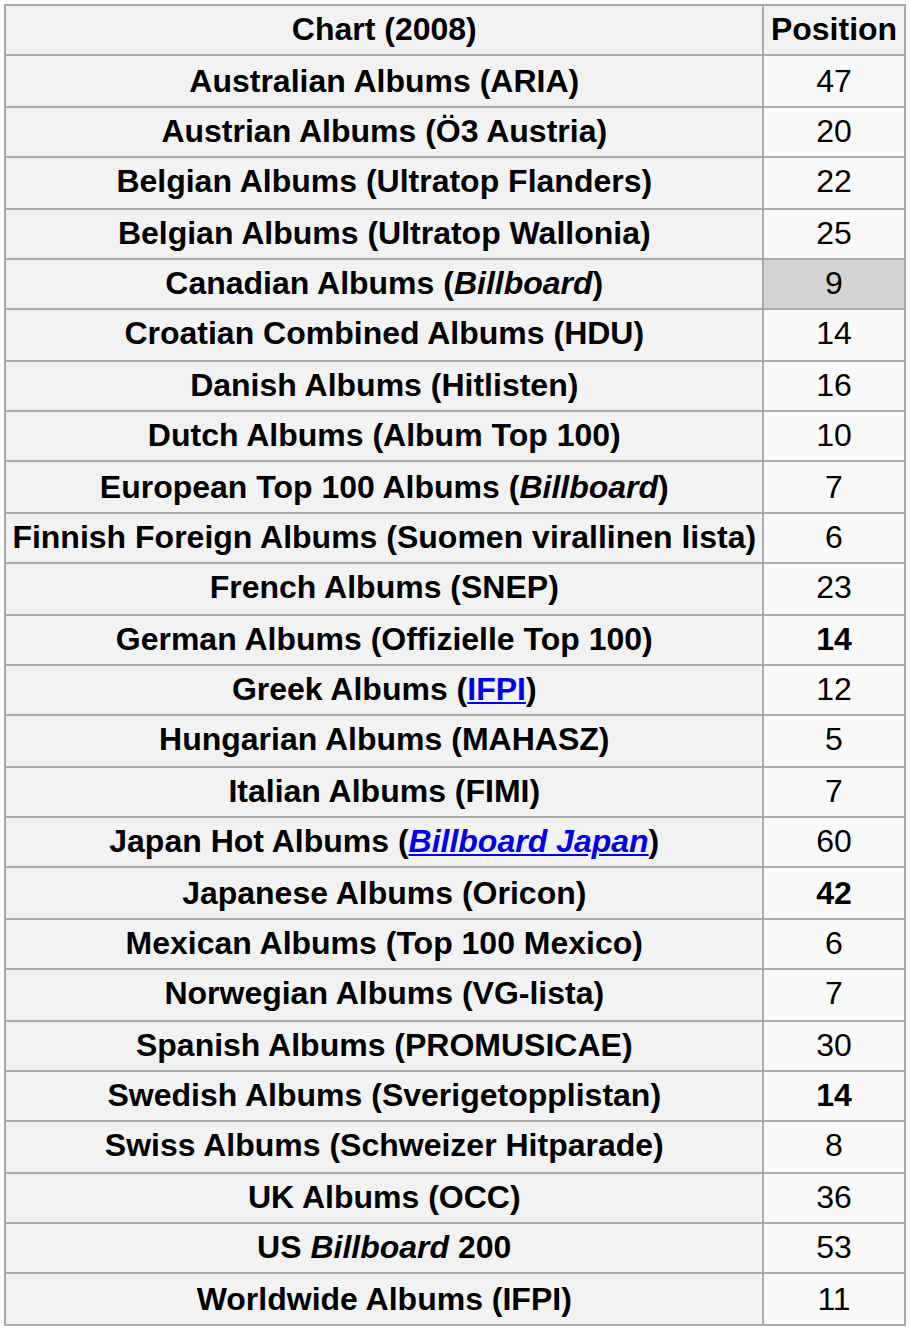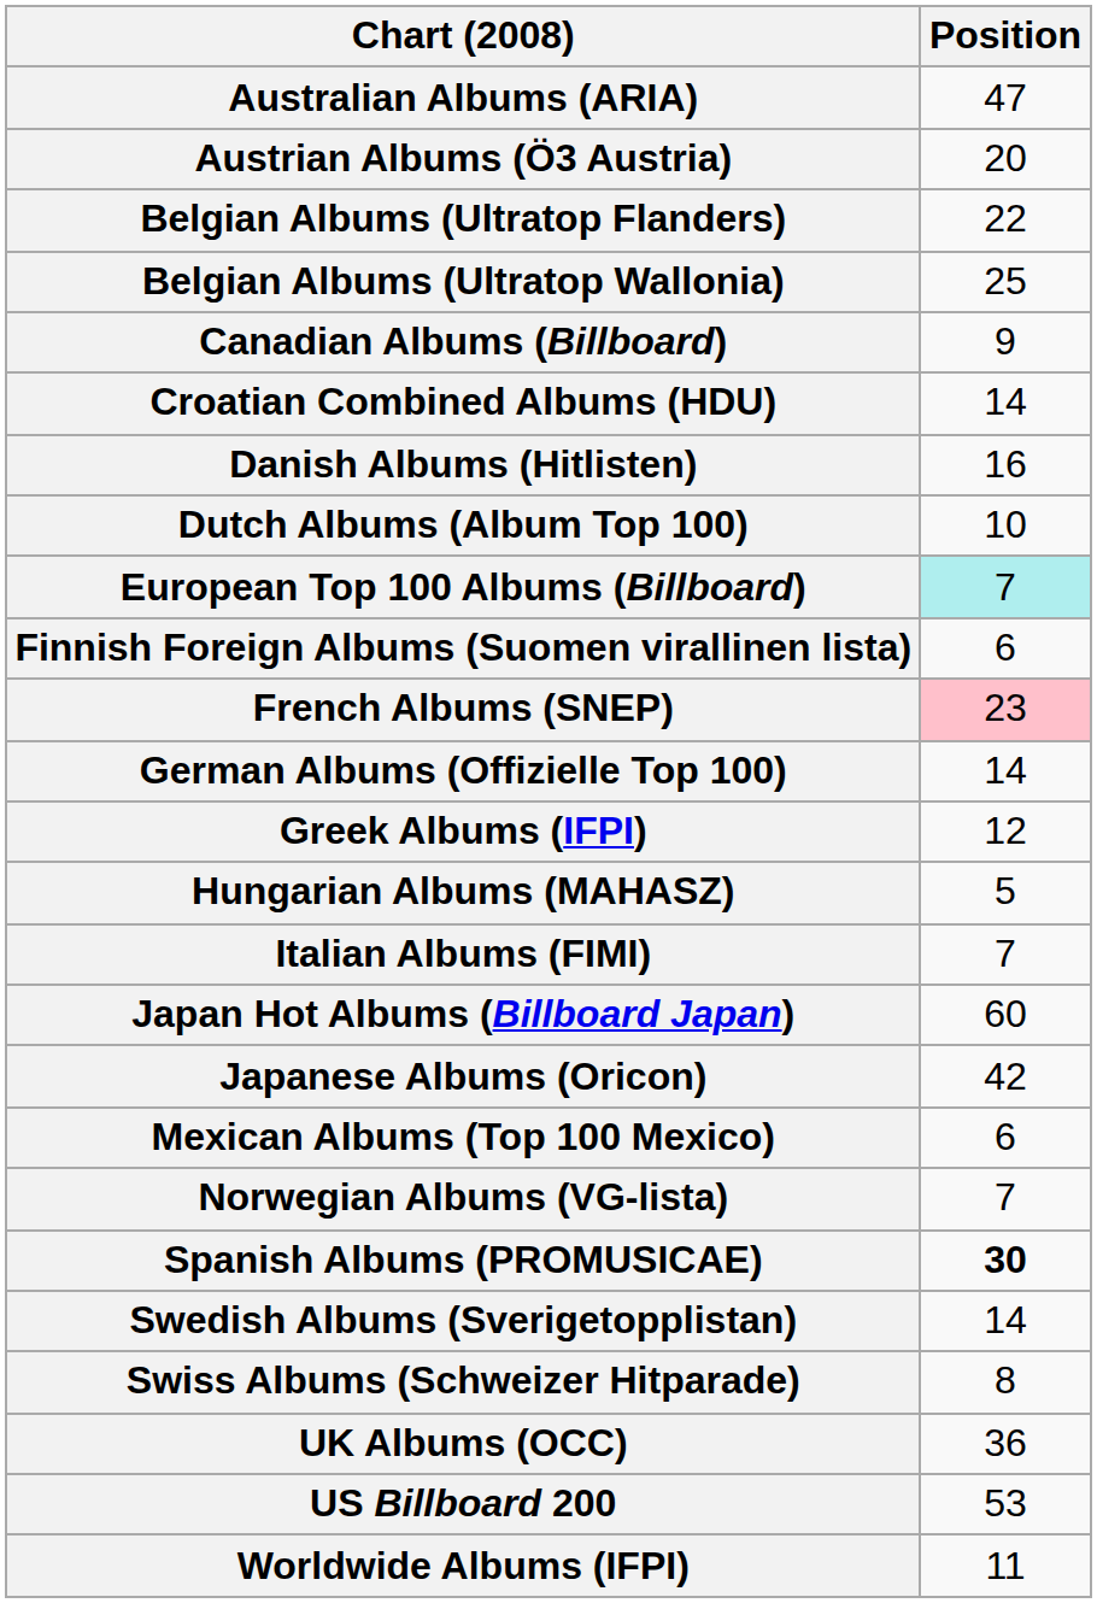 <table class="wikitable plainrowheaders" style="text-align:center;">
 <tr>
 <th scope="col">Chart (2008)</th>
 <th scope="col">Position</th>
 </tr>
 <tr>
 <th scope="row">Australian Albums (ARIA)</th>
 <td>47</td>
 </tr>
 <tr>
 <th scope="row">Austrian Albums (Ö3 Austria)</th>
 <td>20</td>
 </tr>
 <tr>
 <th scope="row">Belgian Albums (Ultratop Flanders)</th>
 <td>22</td>
 </tr>
 <tr>
 <th scope="row">Belgian Albums (Ultratop Wallonia)</th>
 <td>25</td>
 </tr>
 <tr>
 <th scope="row">Canadian Albums (<em>Billboard</em>)</th>
-<td style="background: lightgrey;">9</td>
+<td>9</td>
 </tr>
 <tr>
 <th scope="row">Croatian Combined Albums (HDU)</th>
 <td>14</td>
 </tr>
 <tr>
 <th scope="row">Danish Albums (Hitlisten)</th>
 <td>16</td>
 </tr>
 <tr>
 <th scope="row">Dutch Albums (Album Top 100)</th>
 <td>10</td>
 </tr>
 <tr>
 <th scope="row">European Top 100 Albums (<em>Billboard</em>)</th>
-<td>7</td>
+<td style="background: paleturquoise;">7</td>
 </tr>
 <tr>
 <th scope="row">Finnish Foreign Albums (Suomen virallinen lista)</th>
 <td>6</td>
 </tr>
 <tr>
 <th scope="row">French Albums (SNEP)</th>
-<td>23</td>
+<td style="background: pink;">23</td>
 </tr>
 <tr>
 <th scope="row">German Albums (Offizielle Top 100)</th>
-<td><strong>14</strong></td>
+<td>14</td>
 </tr>
 <tr>
 <th scope="row">Greek Albums (<a href='#'>IFPI</a>)</th>
 <td>12</td>
 </tr>
 <tr>
 <th scope="row">Hungarian Albums (MAHASZ)</th>
 <td>5</td>
 </tr>
 <tr>
 <th scope="row">Italian Albums (FIMI)</th>
 <td>7</td>
 </tr>
 <tr>
 <th scope="row">Japan Hot Albums (<em><a href='#'>Billboard Japan</a></em>)</th>
 <td>60</td>
 </tr>
 <tr>
 <th scope="row">Japanese Albums (Oricon)</th>
-<td><strong>42</strong></td>
+<td>42</td>
 </tr>
 <tr>
 <th scope="row">Mexican Albums (Top 100 Mexico)</th>
 <td>6</td>
 </tr>
 <tr>
 <th scope="row">Norwegian Albums (VG-lista)</th>
 <td>7</td>
 </tr>
 <tr>
 <th scope="row">Spanish Albums (PROMUSICAE)</th>
-<td>30</td>
+<td><strong>30</strong></td>
 </tr>
 <tr>
 <th scope="row">Swedish Albums (Sverigetopplistan)</th>
-<td><strong>14</strong></td>
+<td>14</td>
 </tr>
 <tr>
 <th scope="row">Swiss Albums (Schweizer Hitparade)</th>
 <td>8</td>
 </tr>
 <tr>
 <th scope="row">UK Albums (OCC)</th>
 <td>36</td>
 </tr>
 <tr>
 <th scope="row">US <em>Billboard</em> 200</th>
 <td>53</td>
 </tr>
 <tr>
 <th scope="row">Worldwide Albums (IFPI)</th>
 <td>11</td>
 </tr>
 </table>
